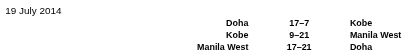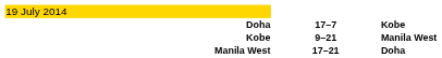 <table style="width:100%;" cellspacing="1">
 <tr>
 <th width=25%></th>
 <th width=2%></th>
 <th width=6%></th>
 <th width=2%></th>
 <th width=25%></th>
 </tr>
 <tr>
-<td>19 July 2014</td>
+<td style="background: gold;">19 July 2014</td>
 </tr>
 <tr style=font-size:90%>
 <td align=right><strong>Doha </strong></td>
 <td></td>
 <td align=center><strong>17–7</strong></td>
 <td></td>
 <td><strong> Kobe</strong></td>
 <td></td>
 </tr>
 <tr style=font-size:90%>
 <td align=right><strong>Kobe </strong></td>
 <td></td>
 <td align=center><strong>9–21</strong></td>
 <td></td>
 <td><strong> Manila West</strong></td>
 <td></td>
 </tr>
 <tr style=font-size:90%>
 <td align=right><strong>Manila West </strong></td>
 <td></td>
 <td align=center><strong>17–21</strong></td>
 <td></td>
 <td><strong> Doha</strong></td>
 <td></td>
 </tr>
 </table>
